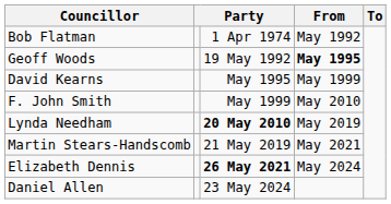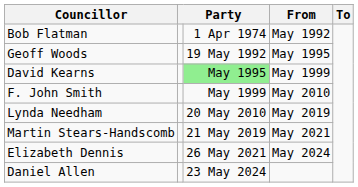 <table class=wikitable>
 <tr>
 <th>Councillor</th>
 <th colspan=2>Party</th>
 <th>From</th>
 <th>To</th>
 </tr>
 <tr>
 <td>Bob Flatman</td>
 <td></td>
 <td align=right>1 Apr 1974</td>
 <td align=right>May 1992</td>
 </tr>
 <tr>
 <td>Geoff Woods</td>
 <td></td>
 <td align=right>19 May 1992</td>
-<td align=right><strong>May 1995</strong></td>
+<td align=right>May 1995</td>
 </tr>
 <tr>
 <td>David Kearns</td>
 <td></td>
-<td align=right>May 1995</td>
+<td align=right style="background: lightgreen;">May 1995</td>
 <td align=right>May 1999</td>
 </tr>
 <tr>
 <td>F. John Smith</td>
 <td></td>
 <td align=right>May 1999</td>
 <td align=right>May 2010</td>
 </tr>
 <tr>
 <td>Lynda Needham</td>
 <td></td>
-<td align=right><strong>20 May 2010</strong></td>
+<td align=right>20 May 2010</td>
 <td align=right>May 2019</td>
 </tr>
 <tr>
 <td>Martin Stears-Handscomb</td>
 <td></td>
 <td align=right>21 May 2019</td>
 <td align=right>May 2021</td>
 </tr>
 <tr>
 <td>Elizabeth Dennis</td>
 <td></td>
-<td align=right><strong>26 May 2021</strong></td>
+<td align=right>26 May 2021</td>
 <td align=right>May 2024</td>
 </tr>
 <tr>
 <td>Daniel Allen</td>
 <td></td>
 <td align=right>23 May 2024</td>
 <td align=right></td>
 </tr>
 </table>
